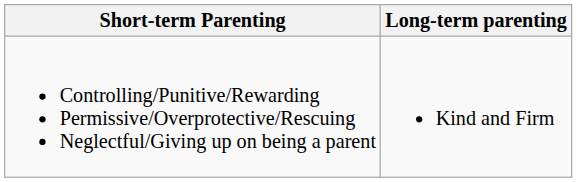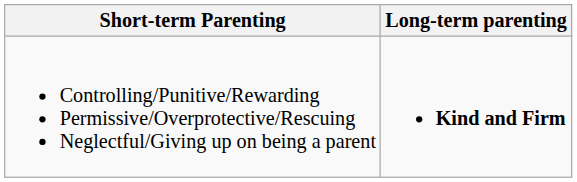 <table class="wikitable">
 <tr>
 <th>Short-term Parenting</th>
 <th>Long-term parenting</th>
 </tr>
 <tr>
 <td><br><ul><li>Controlling/Punitive/Rewarding</li><li>Permissive/Overprotective/Rescuing</li><li>Neglectful/Giving up on being a parent</li></ul></td>
-<td><br><ul><li>Kind and Firm</li></ul></td>
+<td><strong><br><ul><li>Kind and Firm</li></ul></strong></td>
 </tr>
 </table>
